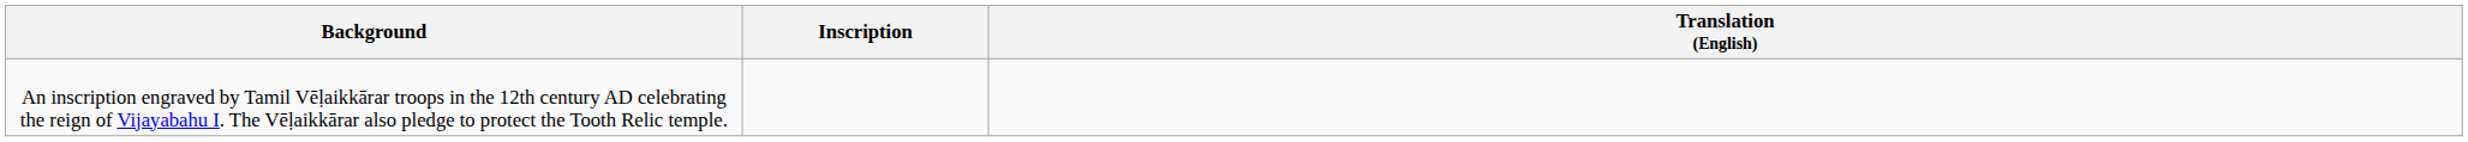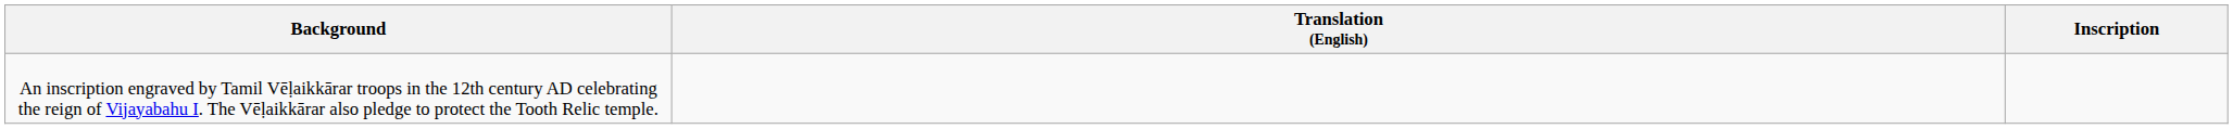 <table class="wikitable centre">
 <tr>
 <th scope="col" align=left>Background<br></th>
+<th>Translation<br><small>(English)</small></th>
 <th>Inscription<br></th>
-<th>Translation<br><small>(English)</small></th>
 </tr>
 <tr>
 <td align=center width="30%"><br>An inscription engraved by Tamil Vēḷaikkārar troops in the 12th century AD celebrating the reign of <a href='#'>Vijayabahu I</a>. The Vēḷaikkārar also pledge to protect the Tooth Relic temple.</td>
+<td align=left><br></td>
 <td align=center width="10%"><br> </td>
-<td align=left><br></td>
 </tr>
 </table>
